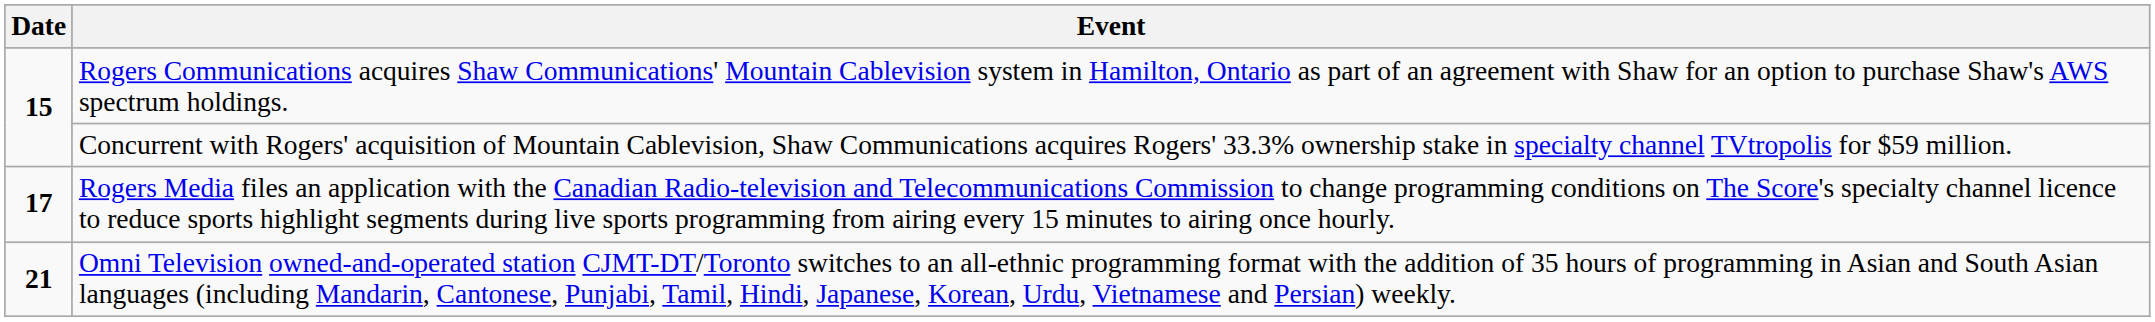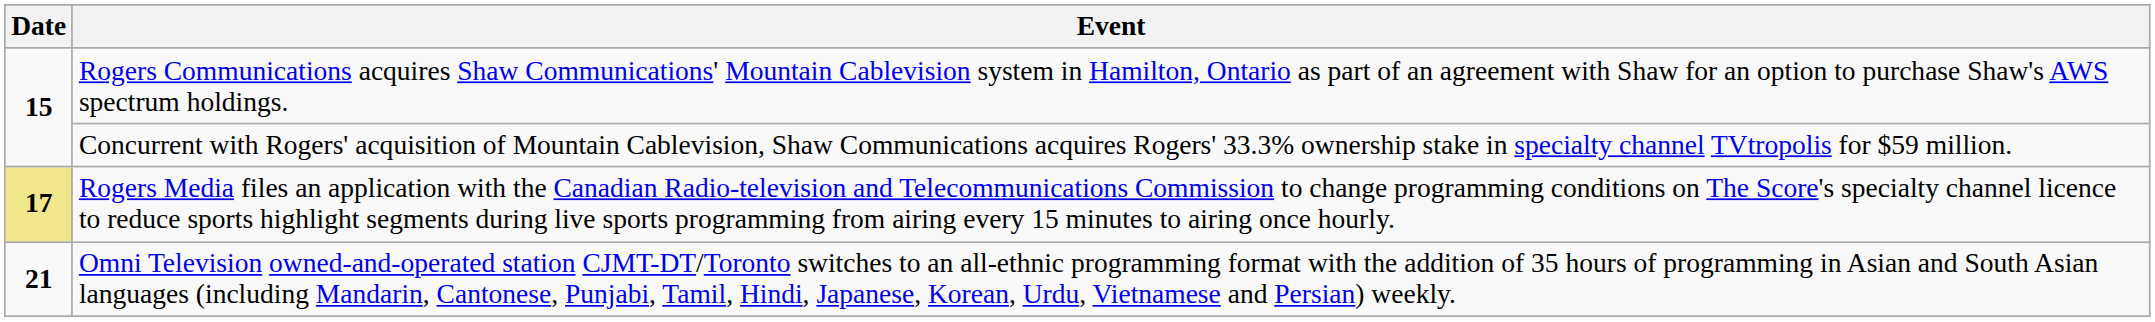 <table class="wikitable">
 <tr>
 <th>Date</th>
 <th>Event</th>
 </tr>
 <tr>
 <td style="text-align:center;" rowspan="2"><strong>15</strong></td>
 <td><a href='#'>Rogers Communications</a> acquires <a href='#'>Shaw Communications</a>' <a href='#'>Mountain Cablevision</a> system in <a href='#'>Hamilton, Ontario</a> as part of an agreement with Shaw for an option to purchase Shaw's <a href='#'>AWS</a> spectrum holdings.</td>
 </tr>
 <tr>
 <td>Concurrent with Rogers' acquisition of Mountain Cablevision, Shaw Communications acquires Rogers' 33.3% ownership stake in <a href='#'>specialty channel</a> <a href='#'>TVtropolis</a> for $59 million.</td>
 </tr>
 <tr>
-<td style="text-align:center;"><strong>17</strong></td>
+<td style="background: khaki; text-align:center;"><strong>17</strong></td>
 <td><a href='#'>Rogers Media</a> files an application with the <a href='#'>Canadian Radio-television and Telecommunications Commission</a> to change programming conditions on <a href='#'>The Score</a>'s specialty channel licence to reduce sports highlight segments during live sports programming from airing every 15 minutes to airing once hourly.</td>
 </tr>
 <tr>
 <td style="text-align:center;"><strong>21</strong></td>
 <td><a href='#'>Omni Television</a> <a href='#'>owned-and-operated station</a> <a href='#'>CJMT-DT</a>/<a href='#'>Toronto</a> switches to an all-ethnic programming format with the addition of 35 hours of programming in Asian and South Asian languages (including <a href='#'>Mandarin</a>, <a href='#'>Cantonese</a>, <a href='#'>Punjabi</a>, <a href='#'>Tamil</a>, <a href='#'>Hindi</a>, <a href='#'>Japanese</a>, <a href='#'>Korean</a>, <a href='#'>Urdu</a>, <a href='#'>Vietnamese</a> and <a href='#'>Persian</a>) weekly.</td>
 </tr>
 </table>
